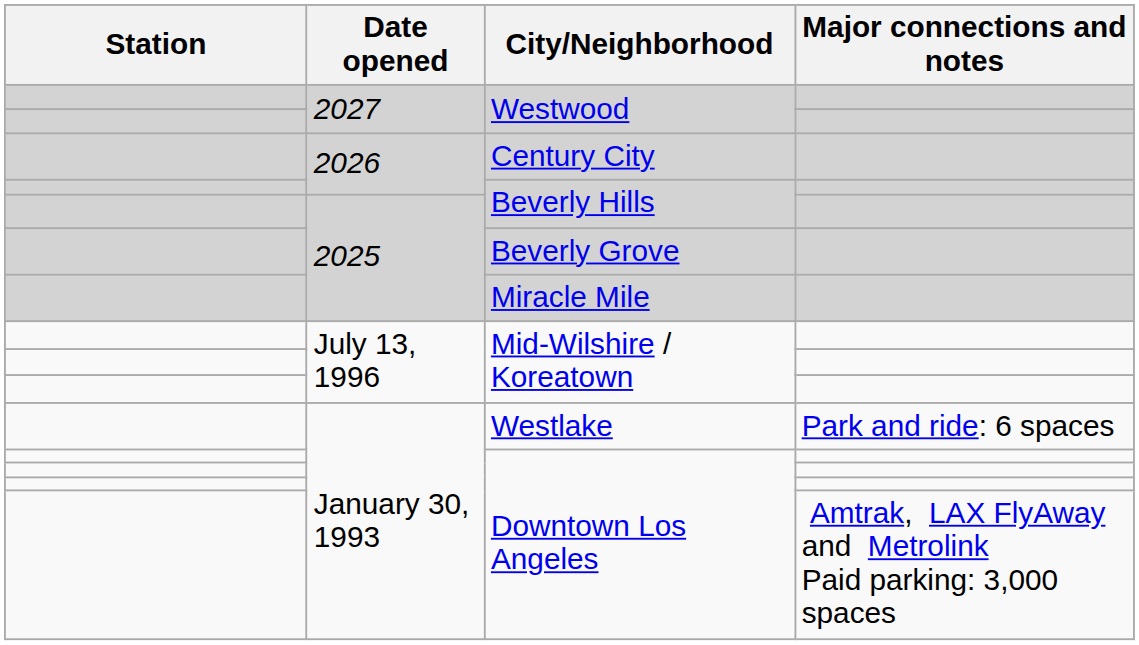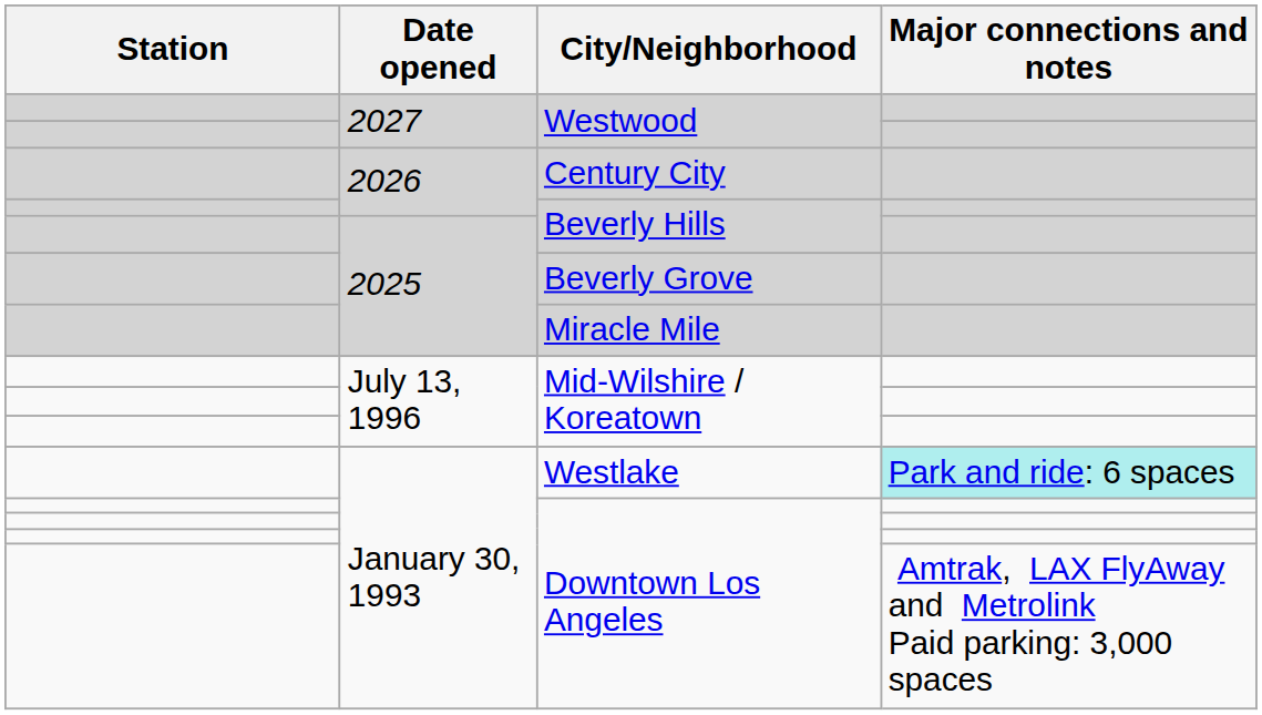 <table class="wikitable">
 <tr>
 <th style="width:155px;">Station</th>
 <th>Date opened</th>
 <th>City/Neighborhood </th>
 <th>Major connections and notes</th>
 </tr>
 <tr bgcolor="lightgray">
 <td><em></em></td>
 <td rowspan="2"><em>2027</em></td>
 <td rowspan="2"><a href='#'>Westwood</a></td>
 <td></td>
 </tr>
 <tr bgcolor="lightgray">
 <td><em></em></td>
 <td></td>
 </tr>
 <tr bgcolor="lightgray">
 <td><em></em></td>
 <td rowspan="2"><em>2026</em></td>
 <td><a href='#'>Century City</a></td>
 <td></td>
 </tr>
 <tr bgcolor="lightgray">
 <td><em></em></td>
 <td rowspan="2"><a href='#'>Beverly Hills</a></td>
 <td></td>
 </tr>
 <tr bgcolor="lightgray">
 <td><em></em></td>
 <td rowspan="3"><em>2025</em></td>
 <td></td>
 </tr>
 <tr bgcolor="lightgray">
 <td><em></em></td>
 <td><a href='#'>Beverly Grove</a></td>
 <td></td>
 </tr>
 <tr bgcolor="lightgray">
 <td><em></em></td>
 <td><a href='#'>Miracle Mile</a></td>
 <td></td>
 </tr>
 <tr>
 <td></td>
 <td rowspan="3">July 13, 1996</td>
 <td rowspan="3"><a href='#'>Mid-Wilshire</a> / <a href='#'>Koreatown</a></td>
 <td></td>
 </tr>
 <tr>
 <td></td>
 </tr>
 <tr>
 <td></td>
 <td></td>
 </tr>
 <tr>
 <td></td>
 <td rowspan="5">January 30, 1993</td>
 <td><a href='#'>Westlake</a></td>
-<td><a href='#'>Park and ride</a>: 6 spaces</td>
+<td style="background: paleturquoise;"><a href='#'>Park and ride</a>: 6 spaces</td>
 </tr>
 <tr>
 <td></td>
 <td rowspan="4"><a href='#'>Downtown Los Angeles</a></td>
 <td></td>
 </tr>
 <tr>
 <td></td>
 <td></td>
 </tr>
 <tr>
 <td></td>
 <td></td>
 </tr>
 <tr>
 <td></td>
 <td> <a href='#'>Amtrak</a>,  <a href='#'>LAX FlyAway</a> and  <a href='#'>Metrolink</a><br>Paid parking: 3,000 spaces</td>
 </tr>
 </table>
